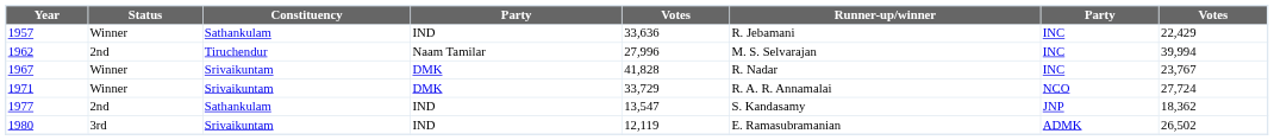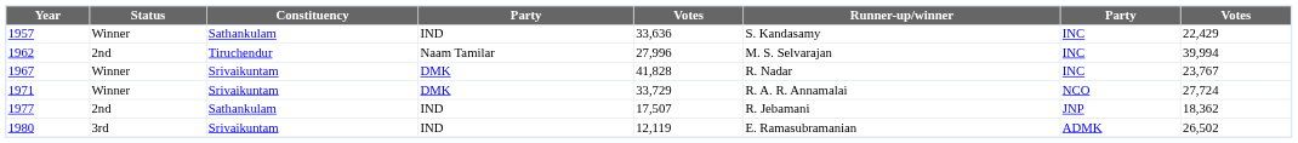 <table width="100%" cellpadding="2" cellspacing="0" border="1" style="border-collapse: collapse; border: 2px #DEE8F1 solid; font-size: x-big; font-family: verdana">
 <tr>
 <th style="background-color:#666666; color:white">Year</th>
 <th style="background-color:#666666; color:white">Status</th>
 <th style="background-color:#666666; color:white">Constituency</th>
 <th style="background-color:#666666; color:white">Party</th>
 <th style="background-color:#666666; color:white">Votes</th>
 <th style="background-color:#666666; color:white">Runner-up/winner</th>
 <th style="background-color:#666666; color:white">Party</th>
 <th style="background-color:#666666; color:white">Votes</th>
 </tr>
 <tr -->
 <td><a href='#'>1957</a></td>
 <td>Winner</td>
 <td><a href='#'>Sathankulam</a></td>
 <td>IND</td>
 <td>33,636</td>
-<td>R. Jebamani</td>
+<td>S. Kandasamy</td>
 <td><a href='#'>INC</a></td>
 <td>22,429</td>
 </tr>
 <tr -->
 <td><a href='#'>1962</a></td>
 <td>2nd</td>
 <td><a href='#'>Tiruchendur</a></td>
 <td>Naam Tamilar</td>
 <td>27,996</td>
 <td>M. S. Selvarajan</td>
 <td><a href='#'>INC</a></td>
 <td>39,994</td>
 </tr>
 <tr -->
 <td><a href='#'>1967</a></td>
 <td>Winner</td>
 <td><a href='#'>Srivaikuntam</a></td>
 <td><a href='#'>DMK</a></td>
 <td>41,828</td>
 <td>R. Nadar</td>
 <td><a href='#'>INC</a></td>
 <td>23,767</td>
 </tr>
 <tr -->
 <td><a href='#'>1971</a></td>
 <td>Winner</td>
 <td><a href='#'>Srivaikuntam</a></td>
 <td><a href='#'>DMK</a></td>
 <td>33,729</td>
 <td>R. A. R. Annamalai</td>
 <td><a href='#'>NCO</a></td>
 <td>27,724</td>
 </tr>
 <tr -->
 <td><a href='#'>1977</a></td>
 <td>2nd</td>
 <td><a href='#'>Sathankulam</a></td>
 <td>IND</td>
-<td>13,547</td>
-<td>S. Kandasamy</td>
+<td>17,507</td>
+<td>R. Jebamani</td>
 <td><a href='#'>JNP</a></td>
 <td>18,362</td>
 </tr>
 <tr -->
 <td><a href='#'>1980</a></td>
 <td>3rd</td>
 <td><a href='#'>Srivaikuntam</a></td>
 <td>IND</td>
 <td>12,119</td>
 <td>E. Ramasubramanian</td>
 <td><a href='#'>ADMK</a></td>
 <td>26,502</td>
 </tr>
 </table>
